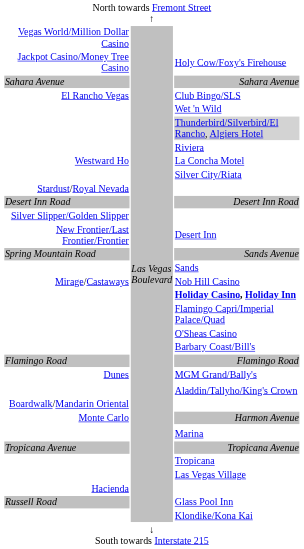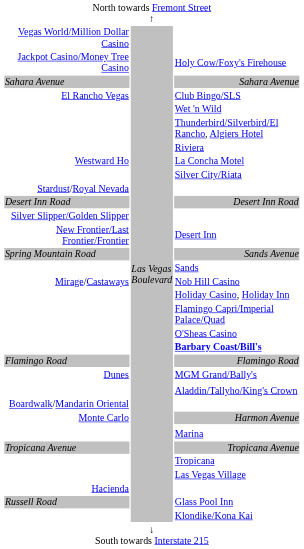 <table style="margin:auto;">
 <tr>
 <td colspan="3" style="text-align:center;">North towards <a href='#'>Fremont Street</a><br><strong>↑</strong></td>
 </tr>
 <tr>
 <td style="text-align:right;"><a href='#'>Vegas World/Million Dollar Casino</a></td>
 <td style="background:silver; width:28px;" rowspan="34"><span><em>Las Vegas Boulevard</em></span></td>
 </tr>
 <tr>
 <td style="text-align:right;"><a href='#'>Jackpot Casino/Money Tree Casino</a></td>
 <td><a href='#'>Holy Cow/Foxy's Firehouse</a></td>
 </tr>
 <tr style="background:silver;">
 <td style="width:200px;"><em>Sahara Avenue</em></td>
 <td style="width:200px; text-align:right;"><em>Sahara Avenue</em></td>
 </tr>
 <tr>
 <td style="text-align:right;"><a href='#'>El Rancho Vegas</a></td>
 <td><a href='#'>Club Bingo/SLS</a></td>
 </tr>
 <tr>
 <td></td>
 <td><a href='#'>Wet 'n Wild</a></td>
 </tr>
 <tr>
 <td></td>
-<td style="background: lightgrey;"><a href='#'>Thunderbird/Silverbird/El Rancho</a>, <a href='#'>Algiers Hotel</a></td>
+<td><a href='#'>Thunderbird/Silverbird/El Rancho</a>, <a href='#'>Algiers Hotel</a></td>
 </tr>
 <tr>
 <td></td>
 <td><a href='#'>Riviera</a></td>
 </tr>
 <tr>
 <td style="text-align:right;"><a href='#'>Westward Ho</a></td>
 <td><a href='#'>La Concha Motel</a></td>
 </tr>
 <tr>
 <td></td>
 <td><a href='#'>Silver City/Riata</a></td>
 </tr>
 <tr>
 <td style="text-align:right;"><a href='#'>Stardust</a>/<a href='#'>Royal Nevada</a></td>
 <td></td>
 </tr>
 <tr style="background:silver;">
 <td><em>Desert Inn Road</em></td>
 <td style="text-align:right;"><em>Desert Inn Road</em></td>
 </tr>
 <tr>
 <td style="text-align:right;"><a href='#'>Silver Slipper/Golden Slipper</a></td>
 <td></td>
 </tr>
 <tr>
 <td style="text-align:right;"><a href='#'>New Frontier/Last Frontier/Frontier</a></td>
 <td><a href='#'>Desert Inn</a></td>
 </tr>
 <tr style="background:silver;">
 <td><em>Spring Mountain Road</em></td>
 <td style="text-align:right;"><em>Sands Avenue</em></td>
 </tr>
 <tr>
 <td></td>
 <td><a href='#'>Sands</a></td>
 </tr>
 <tr>
 <td style="text-align:right;"><a href='#'>Mirage</a>/<a href='#'>Castaways</a></td>
 <td><a href='#'>Nob Hill Casino</a></td>
 </tr>
 <tr>
 <td></td>
-<td><strong><a href='#'>Holiday Casino</a>, <a href='#'>Holiday Inn</a></strong></td>
+<td><a href='#'>Holiday Casino</a>, <a href='#'>Holiday Inn</a></td>
 </tr>
 <tr>
 <td></td>
 <td><a href='#'>Flamingo Capri/Imperial Palace/Quad</a></td>
 </tr>
 <tr>
 <td></td>
 <td><a href='#'>O'Sheas Casino</a></td>
 </tr>
 <tr>
 <td></td>
-<td><a href='#'>Barbary Coast/Bill's</a></td>
+<td><strong><a href='#'>Barbary Coast/Bill's</a></strong></td>
 </tr>
 <tr style="background:silver;">
 <td><em>Flamingo Road</em></td>
 <td style="text-align:right;"><em>Flamingo Road</em></td>
 </tr>
 <tr>
 <td style="text-align:right;"><a href='#'>Dunes</a></td>
 <td><a href='#'>MGM Grand/Bally's</a></td>
 </tr>
 <tr>
 <td></td>
 <td></td>
 </tr>
 <tr>
 <td></td>
 <td><a href='#'>Aladdin/Tallyho/King's Crown</a></td>
 </tr>
 <tr>
 <td style="text-align:right;"><a href='#'>Boardwalk</a>/<a href='#'>Mandarin Oriental</a></td>
 </tr>
 <tr>
 <td style="text-align:right;"><a href='#'>Monte Carlo</a></td>
 <td style="background:silver; text-align:right;"><em>Harmon Avenue</em></td>
 </tr>
 <tr>
 <td></td>
 <td></td>
 </tr>
 <tr>
 <td></td>
 <td><a href='#'>Marina</a></td>
 </tr>
 <tr style="background:silver;">
 <td><em>Tropicana Avenue</em></td>
 <td style="text-align:right;"><em>Tropicana Avenue</em></td>
 </tr>
 <tr>
 <td style="text-align:right;"></td>
 <td><a href='#'>Tropicana</a></td>
 </tr>
 <tr>
 <td style="text-align:right;"></td>
 <td><a href='#'>Las Vegas Village</a></td>
 </tr>
 <tr>
 <td style="text-align:right;"><a href='#'>Hacienda</a></td>
 <td></td>
 </tr>
 <tr>
 <td style="background:silver; text-align:left;"><em>Russell Road</em></td>
 <td><a href='#'>Glass Pool Inn</a></td>
 </tr>
 <tr>
 <td style="text-align:right;"></td>
 <td><a href='#'>Klondike/Kona Kai</a></td>
 </tr>
 <tr>
 <td colspan="3" style="text-align:center;"><strong>↓</strong><br>South towards <a href='#'>Interstate 215</a></td>
 </tr>
 </table>
